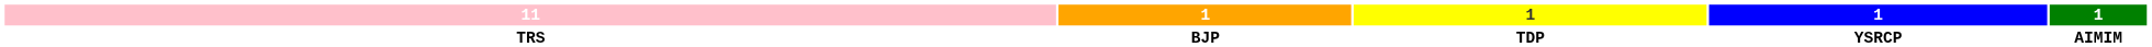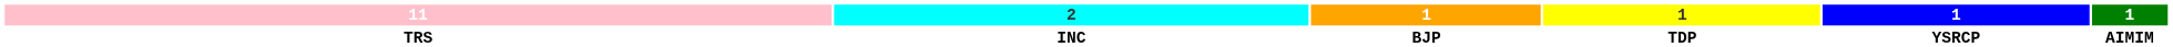 <table style="width:88%; text-align:center;">
 <tr style="color:white;">
 <td style="background:pink; width:26.1%;"><strong>11</strong></td>
+<td style="background:aqua; color:#333; width:15%;"><strong>2</strong></td>
 <td style="background:orange; width:7.26%;"><strong>1</strong></td>
 <td style="background:yellow;color: #333; width:8.74%;"><strong>1</strong></td>
 <td style="background:blue; width:8.4%;"><strong>1</strong></td>
 <td style="background:green; width:2.4%;"><strong>1</strong></td>
 </tr>
 <tr>
 <td><span><strong>TRS</strong></span></td>
+<td><span><strong>INC</strong></span></td>
 <td><span><strong>BJP</strong></span></td>
 <td><span><strong>TDP</strong></span></td>
 <td><span><strong>YSRCP</strong></span></td>
 <td><span><strong>AIMIM</strong></span></td>
 </tr>
 </table>
